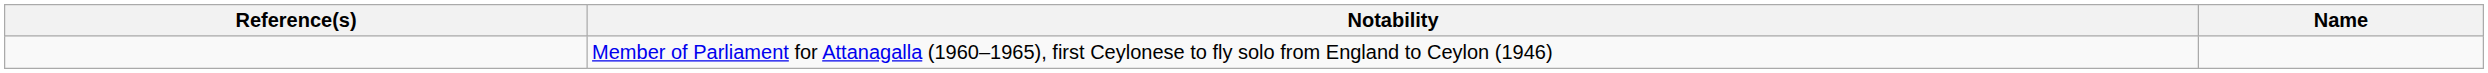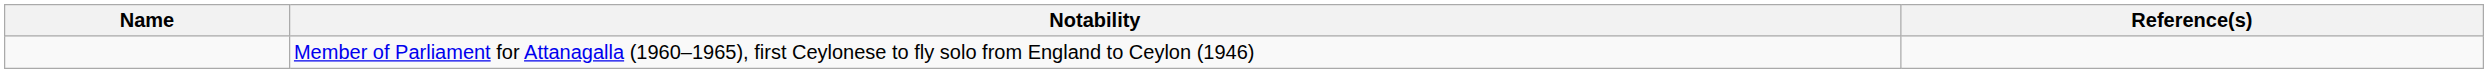 <table class="wikitable sortable" style="width:100%">
 <tr>
+<th style="width:*;">Name</th>
+<th style="width:65%;" class="unsortable">Notability</th>
 <th style="width:*;" class="unsortable">Reference(s)</th>
-<th style="width:65%;" class="unsortable">Notability</th>
-<th style="width:*;">Name</th>
 </tr>
 <tr>
+<td></td>
+<td><a href='#'>Member of Parliament</a> for <a href='#'>Attanagalla</a> (1960–1965), first Ceylonese to fly solo from England to Ceylon (1946)</td>
 <td style="text-align:center;"></td>
-<td><a href='#'>Member of Parliament</a> for <a href='#'>Attanagalla</a> (1960–1965), first Ceylonese to fly solo from England to Ceylon (1946)</td>
-<td></td>
 </tr>
 </table>
